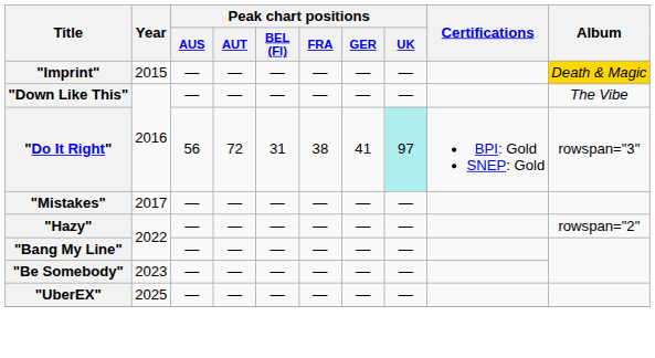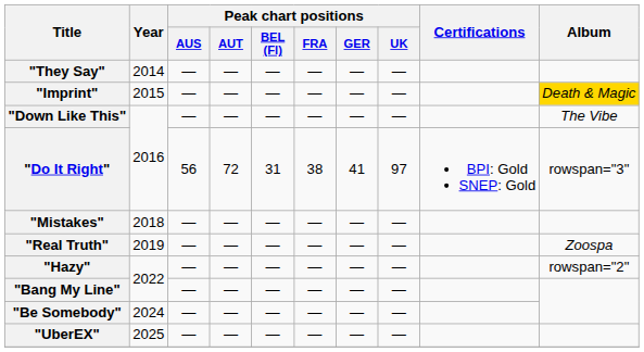 <table class="wikitable plainrowheaders" style="text-align:center;">
 <tr>
 <th scope="col" rowspan="2">Title</th>
 <th scope="col" rowspan="2">Year</th>
 <th scope="col" colspan="6">Peak chart positions</th>
 <th scope="col" rowspan="2"><a href='#'>Certifications</a></th>
 <th scope="col" rowspan="2">Album</th>
 </tr>
 <tr>
 <th scope="col" style="width:3em;font-size:85%;"><a href='#'>AUS</a><br></th>
 <th scope="col" style="width:3em;font-size:85%;"><a href='#'>AUT</a><br></th>
 <th scope="col" style="width:3em;font-size:85%;"><a href='#'>BEL (Fl)</a><br></th>
 <th scope="col" style="width:3em;font-size:85%;"><a href='#'>FRA</a><br></th>
 <th scope="col" style="width:3em;font-size:85%;"><a href='#'>GER</a><br></th>
 <th scope="col" style="width:3em;font-size:85%;"><a href='#'>UK</a><br></th>
+</tr>
+<tr>
+<th scope="row">"They Say"<br></th>
+<td>2014</td>
+<td>—</td>
+<td>—</td>
+<td>—</td>
+<td>—</td>
+<td>—</td>
+<td>—</td>
+<td></td>
+<td></td>
 </tr>
 <tr>
 <th scope="row">"Imprint"<br></th>
 <td>2015</td>
 <td>—</td>
 <td>—</td>
 <td>—</td>
 <td>—</td>
 <td>—</td>
 <td>—</td>
 <td></td>
 <td style="background: gold;"><em>Death & Magic</em></td>
 </tr>
 <tr>
 <th scope="row">"Down Like This"<br></th>
 <td rowspan="2">2016</td>
 <td>—</td>
 <td>—</td>
 <td>—</td>
 <td>—</td>
 <td>—</td>
 <td>—</td>
 <td></td>
 <td><em>The Vibe</em></td>
 </tr>
 <tr>
 <th scope="row">"<a href='#'>Do It Right</a>"<br></th>
 <td>56</td>
 <td>72</td>
 <td>31</td>
 <td>38</td>
 <td>41</td>
-<td style="background: paleturquoise;">97</td>
+<td>97</td>
 <td><br><ul><li><a href='#'>BPI</a>: Gold</li><li><a href='#'>SNEP</a>: Gold</li></ul></td>
 <td>rowspan="3" </td>
 </tr>
 <tr>
 <th scope="row">"Mistakes"<br></th>
-<td>2017</td>
+<td>2018</td>
 <td>—</td>
 <td>—</td>
 <td>—</td>
 <td>—</td>
 <td>—</td>
 <td>—</td>
 <td></td>
+</tr>
+<tr>
+<th scope="row">"Real Truth"<br></th>
+<td>2019</td>
+<td>—</td>
+<td>—</td>
+<td>—</td>
+<td>—</td>
+<td>—</td>
+<td>—</td>
+<td></td>
+<td><em>Zoospa</em></td>
 </tr>
 <tr>
 <th scope="row">"Hazy"<br></th>
 <td rowspan="2">2022</td>
 <td>—</td>
 <td>—</td>
 <td>—</td>
 <td>—</td>
 <td>—</td>
 <td>—</td>
 <td></td>
 <td>rowspan="2" </td>
 </tr>
 <tr>
 <th scope="row">"Bang My Line"<br></th>
 <td>—</td>
 <td>—</td>
 <td>—</td>
 <td>—</td>
 <td>—</td>
 <td>—</td>
 <td></td>
 </tr>
 <tr>
 <th scope="row">"Be Somebody"<br></th>
-<td>2023</td>
+<td>2024</td>
 <td>—</td>
 <td>—</td>
 <td>—</td>
 <td>—</td>
 <td>—</td>
 <td>—</td>
 <td></td>
 </tr>
 <tr>
 <th scope="row">"UberEX"<br></th>
 <td>2025</td>
 <td>—</td>
 <td>—</td>
 <td>—</td>
 <td>—</td>
 <td>—</td>
 <td>—</td>
 <td></td>
 <td></td>
 </tr>
 <tr>
 </tr>
 </table>
